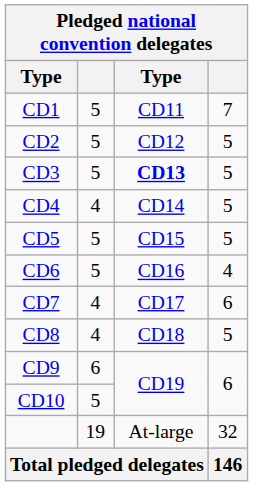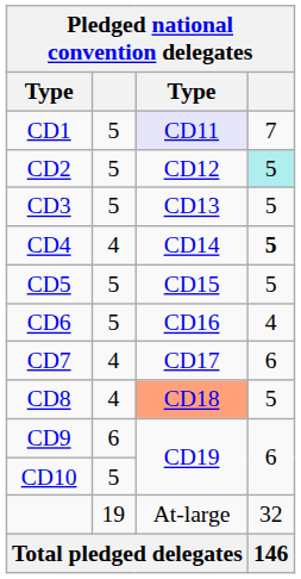 <table class="wikitable sortable" style="font-size:90%;text-align:center;float:right;padding:5px;">
 <tr>
 <th colspan="4">Pledged <a href='#'>national<br>convention</a> delegates</th>
 </tr>
 <tr>
 <th>Type</th>
 <th></th>
 <th>Type</th>
 <th></th>
 </tr>
 <tr>
 <td><a href='#'>CD1</a></td>
 <td>5</td>
-<td><a href='#'>CD11</a></td>
+<td style="background: lavender;"><a href='#'>CD11</a></td>
 <td>7</td>
 </tr>
 <tr>
 <td><a href='#'>CD2</a></td>
 <td>5</td>
 <td><a href='#'>CD12</a></td>
-<td>5</td>
+<td style="background: paleturquoise;">5</td>
 </tr>
 <tr>
 <td><a href='#'>CD3</a></td>
 <td>5</td>
-<td><strong><a href='#'>CD13</a></strong></td>
+<td><a href='#'>CD13</a></td>
 <td>5</td>
 </tr>
 <tr>
 <td><a href='#'>CD4</a></td>
 <td>4</td>
 <td><a href='#'>CD14</a></td>
-<td>5</td>
+<td><strong>5</strong></td>
 </tr>
 <tr>
 <td><a href='#'>CD5</a></td>
 <td>5</td>
 <td><a href='#'>CD15</a></td>
 <td>5</td>
 </tr>
 <tr>
 <td><a href='#'>CD6</a></td>
 <td>5</td>
 <td><a href='#'>CD16</a></td>
 <td>4</td>
 </tr>
 <tr>
 <td><a href='#'>CD7</a></td>
 <td>4</td>
 <td><a href='#'>CD17</a></td>
 <td>6</td>
 </tr>
 <tr>
 <td><a href='#'>CD8</a></td>
 <td>4</td>
-<td><a href='#'>CD18</a></td>
+<td style="background: lightsalmon;"><a href='#'>CD18</a></td>
 <td>5</td>
 </tr>
 <tr>
 <td><a href='#'>CD9</a></td>
 <td>6</td>
 <td rowspan="2"><a href='#'>CD19</a></td>
 <td rowspan="2">6</td>
 </tr>
 <tr>
 <td><a href='#'>CD10</a></td>
 <td>5</td>
 </tr>
 <tr>
 <td></td>
 <td>19</td>
 <td>At-large</td>
 <td>32</td>
 </tr>
 <tr>
 <th colspan=3>Total pledged delegates</th>
 <th>146</th>
 </tr>
 </table>
